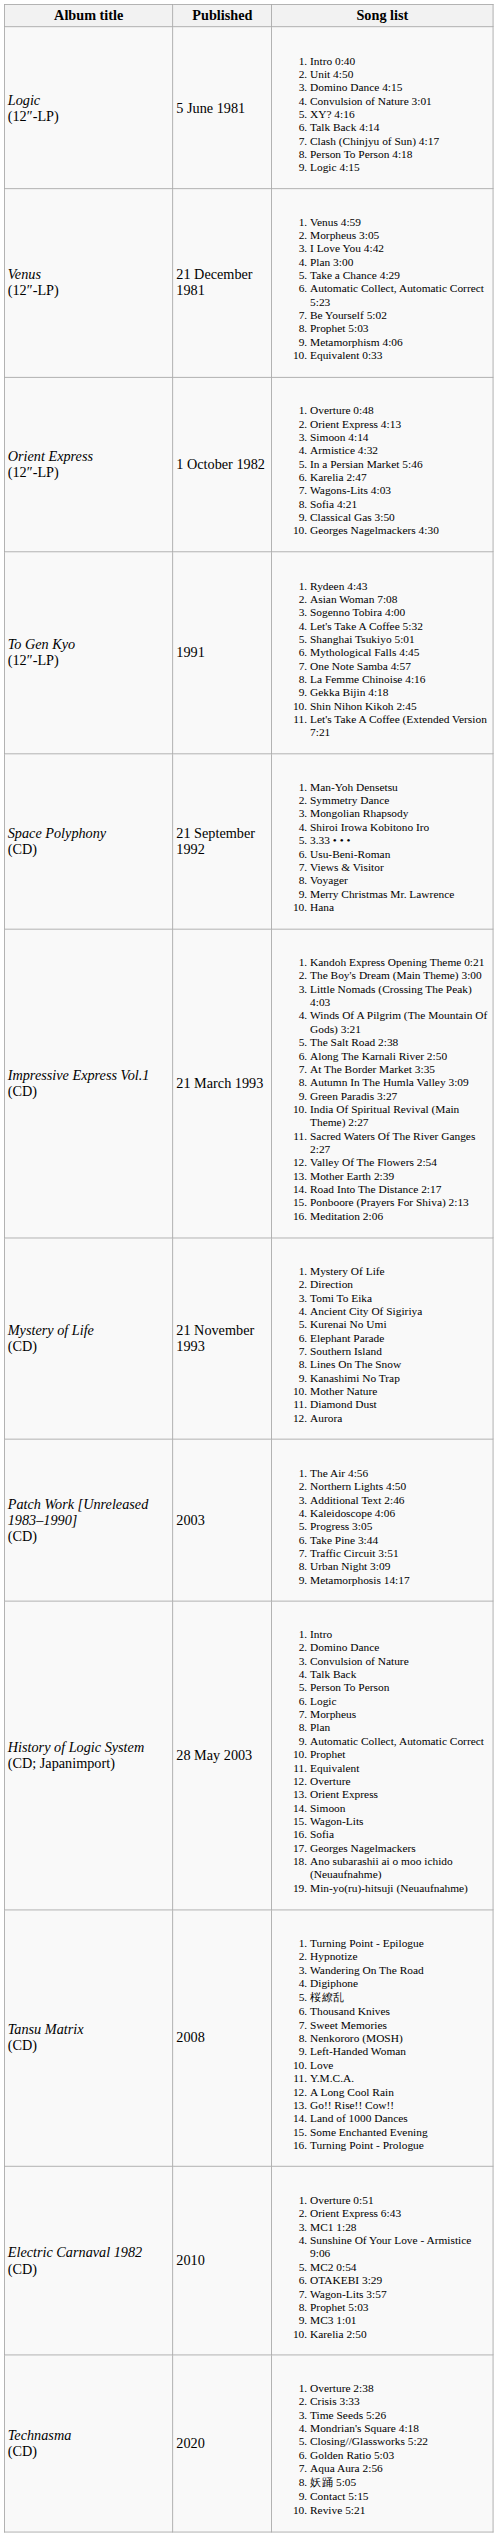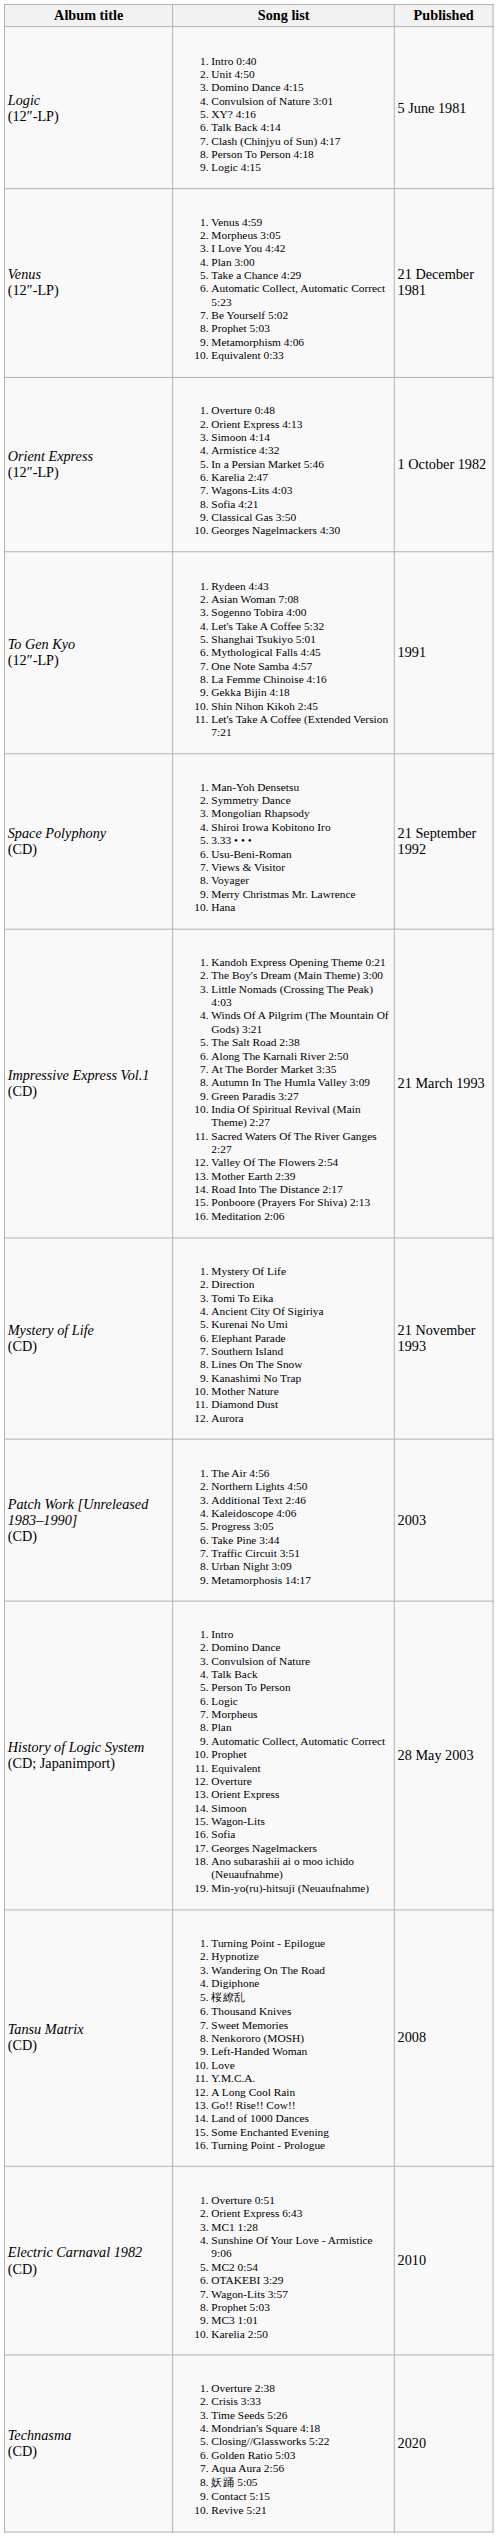 <table class="wikitable" width="550">
 <tr bgcolor="#FFFFFF">
 <th>Album title</th>
+<th>Song list</th>
 <th>Published</th>
-<th>Song list</th>
 </tr>
 <tr>
 <td><em>Logic</em><br>(12″-LP)</td>
+<td style="font-size:80%;"><br><ol><li>Intro 0:40</li><li>Unit 4:50</li><li>Domino Dance 4:15</li><li>Convulsion of Nature 3:01</li><li>XY? 4:16</li><li>Talk Back 4:14</li><li>Clash (Chinjyu of Sun) 4:17</li><li>Person To Person 4:18</li><li>Logic 4:15</li></ol></td>
 <td>5 June 1981</td>
-<td style="font-size:80%;"><br><ol><li>Intro 0:40</li><li>Unit 4:50</li><li>Domino Dance 4:15</li><li>Convulsion of Nature 3:01</li><li>XY? 4:16</li><li>Talk Back 4:14</li><li>Clash (Chinjyu of Sun) 4:17</li><li>Person To Person 4:18</li><li>Logic 4:15</li></ol></td>
 </tr>
 <tr>
 <td><em>Venus</em><br>(12″-LP)</td>
+<td style="font-size:80%;"><br><ol><li>Venus 4:59</li><li>Morpheus 3:05</li><li>I Love You 4:42</li><li>Plan 3:00</li><li>Take a Chance 4:29</li><li>Automatic Collect, Automatic Correct 5:23</li><li>Be Yourself 5:02</li><li>Prophet 5:03</li><li>Metamorphism 4:06</li><li>Equivalent 0:33</li></ol></td>
 <td>21 December 1981</td>
-<td style="font-size:80%;"><br><ol><li>Venus 4:59</li><li>Morpheus 3:05</li><li>I Love You 4:42</li><li>Plan 3:00</li><li>Take a Chance 4:29</li><li>Automatic Collect, Automatic Correct 5:23</li><li>Be Yourself 5:02</li><li>Prophet 5:03</li><li>Metamorphism 4:06</li><li>Equivalent 0:33</li></ol></td>
 </tr>
 <tr>
 <td><em>Orient Express</em><br>(12″-LP)</td>
+<td style="font-size:80%;"><br><ol><li>Overture 0:48</li><li>Orient Express 4:13</li><li>Simoon 4:14</li><li>Armistice 4:32</li><li>In a Persian Market 5:46</li><li>Karelia 2:47</li><li>Wagons-Lits 4:03</li><li>Sofia 4:21</li><li>Classical Gas 3:50</li><li>Georges Nagelmackers 4:30</li></ol></td>
 <td>1 October 1982</td>
-<td style="font-size:80%;"><br><ol><li>Overture 0:48</li><li>Orient Express 4:13</li><li>Simoon 4:14</li><li>Armistice 4:32</li><li>In a Persian Market 5:46</li><li>Karelia 2:47</li><li>Wagons-Lits 4:03</li><li>Sofia 4:21</li><li>Classical Gas 3:50</li><li>Georges Nagelmackers 4:30</li></ol></td>
 </tr>
 <tr>
 <td><em>To Gen Kyo</em><br>(12″-LP)</td>
+<td style="font-size:80%;"><br><ol><li>Rydeen 4:43</li><li>Asian Woman 7:08</li><li>Sogenno Tobira 4:00</li><li>Let's Take A Coffee 5:32</li><li>Shanghai Tsukiyo 5:01</li><li>Mythological Falls 4:45</li><li>One Note Samba 4:57</li><li>La Femme Chinoise 4:16</li><li>Gekka Bijin 4:18</li><li>Shin Nihon Kikoh 2:45</li><li>Let's Take A Coffee (Extended Version 7:21</li></ol></td>
 <td>1991</td>
-<td style="font-size:80%;"><br><ol><li>Rydeen 4:43</li><li>Asian Woman 7:08</li><li>Sogenno Tobira 4:00</li><li>Let's Take A Coffee 5:32</li><li>Shanghai Tsukiyo 5:01</li><li>Mythological Falls 4:45</li><li>One Note Samba 4:57</li><li>La Femme Chinoise 4:16</li><li>Gekka Bijin 4:18</li><li>Shin Nihon Kikoh 2:45</li><li>Let's Take A Coffee (Extended Version 7:21</li></ol></td>
 </tr>
 <tr>
 <td><em>Space Polyphony</em><br>(CD)</td>
+<td style="font-size:80%;"><br><ol><li>Man-Yoh Densetsu</li><li>Symmetry Dance</li><li>Mongolian Rhapsody</li><li>Shiroi Irowa Kobitono Iro</li><li>3.33 • • •</li><li>Usu-Beni-Roman</li><li>Views & Visitor</li><li>Voyager</li><li>Merry Christmas Mr. Lawrence</li><li>Hana</li></ol></td>
 <td>21 September 1992</td>
-<td style="font-size:80%;"><br><ol><li>Man-Yoh Densetsu</li><li>Symmetry Dance</li><li>Mongolian Rhapsody</li><li>Shiroi Irowa Kobitono Iro</li><li>3.33 • • •</li><li>Usu-Beni-Roman</li><li>Views & Visitor</li><li>Voyager</li><li>Merry Christmas Mr. Lawrence</li><li>Hana</li></ol></td>
 </tr>
 <tr>
 <td><em>Impressive Express Vol.1</em><br>(CD)</td>
+<td style="font-size:80%;"><br><ol><li>Kandoh Express Opening Theme 0:21</li><li>The Boy's Dream (Main Theme) 3:00</li><li>Little Nomads (Crossing The Peak)	4:03</li><li>Winds Of A Pilgrim (The Mountain Of Gods)	3:21</li><li>The Salt Road	2:38</li><li>Along The Karnali River 2:50</li><li>At The Border Market 3:35</li><li>Autumn In The Humla Valley 3:09</li><li>Green Paradis	3:27</li><li>India Of Spiritual Revival (Main Theme) 2:27</li><li>Sacred Waters Of The River Ganges	2:27</li><li>Valley Of The Flowers	2:54</li><li>Mother Earth 2:39</li><li>Road Into The Distance 2:17</li><li>Ponboore (Prayers For Shiva) 2:13</li><li>Meditation 2:06</li></ol></td>
 <td>21 March 1993</td>
-<td style="font-size:80%;"><br><ol><li>Kandoh Express Opening Theme 0:21</li><li>The Boy's Dream (Main Theme) 3:00</li><li>Little Nomads (Crossing The Peak)	4:03</li><li>Winds Of A Pilgrim (The Mountain Of Gods)	3:21</li><li>The Salt Road	2:38</li><li>Along The Karnali River 2:50</li><li>At The Border Market 3:35</li><li>Autumn In The Humla Valley 3:09</li><li>Green Paradis	3:27</li><li>India Of Spiritual Revival (Main Theme) 2:27</li><li>Sacred Waters Of The River Ganges	2:27</li><li>Valley Of The Flowers	2:54</li><li>Mother Earth 2:39</li><li>Road Into The Distance 2:17</li><li>Ponboore (Prayers For Shiva) 2:13</li><li>Meditation 2:06</li></ol></td>
 </tr>
 <tr>
 <td><em>Mystery of Life</em><br>(CD)</td>
+<td style="font-size:80%;"><br><ol><li>Mystery Of Life</li><li>Direction</li><li>Tomi To Eika</li><li>Ancient City Of Sigiriya</li><li>Kurenai No Umi</li><li>Elephant Parade</li><li>Southern Island</li><li>Lines On The Snow</li><li>Kanashimi No Trap</li><li>Mother Nature</li><li>Diamond Dust</li><li>Aurora</li></ol></td>
 <td>21 November 1993</td>
-<td style="font-size:80%;"><br><ol><li>Mystery Of Life</li><li>Direction</li><li>Tomi To Eika</li><li>Ancient City Of Sigiriya</li><li>Kurenai No Umi</li><li>Elephant Parade</li><li>Southern Island</li><li>Lines On The Snow</li><li>Kanashimi No Trap</li><li>Mother Nature</li><li>Diamond Dust</li><li>Aurora</li></ol></td>
 </tr>
 <tr>
 <td><em> Patch Work [Unreleased 1983–1990]</em><br>(CD)</td>
+<td style="font-size:80%;"><br><ol><li>The Air 4:56</li><li>Northern Lights 4:50</li><li>Additional Text 2:46</li><li>Kaleidoscope 4:06</li><li>Progress 3:05</li><li>Take Pine 3:44</li><li>Traffic Circuit 3:51</li><li>Urban Night 3:09</li><li>Metamorphosis 14:17</li></ol></td>
 <td>2003</td>
-<td style="font-size:80%;"><br><ol><li>The Air 4:56</li><li>Northern Lights 4:50</li><li>Additional Text 2:46</li><li>Kaleidoscope 4:06</li><li>Progress 3:05</li><li>Take Pine 3:44</li><li>Traffic Circuit 3:51</li><li>Urban Night 3:09</li><li>Metamorphosis 14:17</li></ol></td>
 </tr>
 <tr>
 <td><em>History of Logic System</em><br>(CD; Japanimport)</td>
+<td style="font-size:80%;"><br><ol><li>Intro</li><li>Domino Dance</li><li>Convulsion of Nature</li><li>Talk Back</li><li>Person To Person</li><li>Logic</li><li>Morpheus</li><li>Plan</li><li>Automatic Collect, Automatic Correct</li><li>Prophet</li><li>Equivalent</li><li>Overture</li><li>Orient Express</li><li>Simoon</li><li>Wagon-Lits</li><li>Sofia</li><li>Georges Nagelmackers</li><li>Ano subarashii ai o moo ichido (Neuaufnahme)</li><li>Min-yo(ru)-hitsuji (Neuaufnahme)</li></ol></td>
 <td>28 May 2003</td>
-<td style="font-size:80%;"><br><ol><li>Intro</li><li>Domino Dance</li><li>Convulsion of Nature</li><li>Talk Back</li><li>Person To Person</li><li>Logic</li><li>Morpheus</li><li>Plan</li><li>Automatic Collect, Automatic Correct</li><li>Prophet</li><li>Equivalent</li><li>Overture</li><li>Orient Express</li><li>Simoon</li><li>Wagon-Lits</li><li>Sofia</li><li>Georges Nagelmackers</li><li>Ano subarashii ai o moo ichido (Neuaufnahme)</li><li>Min-yo(ru)-hitsuji (Neuaufnahme)</li></ol></td>
 </tr>
 <tr>
 <td><em>Tansu Matrix</em><br>(CD)</td>
+<td style="font-size:80%;"><br><ol><li>Turning Point - Epilogue</li><li>Hypnotize</li><li>Wandering On The Road</li><li>Digiphone</li><li>桜繚乱</li><li>Thousand Knives</li><li>Sweet Memories</li><li>Nenkororo (MOSH)</li><li>Left-Handed Woman</li><li>Love</li><li>Y.M.C.A.</li><li>A Long Cool Rain</li><li>Go!! Rise!! Cow!!</li><li>Land of 1000 Dances</li><li>Some Enchanted Evening</li><li>Turning Point - Prologue</li></ol></td>
 <td>2008</td>
-<td style="font-size:80%;"><br><ol><li>Turning Point - Epilogue</li><li>Hypnotize</li><li>Wandering On The Road</li><li>Digiphone</li><li>桜繚乱</li><li>Thousand Knives</li><li>Sweet Memories</li><li>Nenkororo (MOSH)</li><li>Left-Handed Woman</li><li>Love</li><li>Y.M.C.A.</li><li>A Long Cool Rain</li><li>Go!! Rise!! Cow!!</li><li>Land of 1000 Dances</li><li>Some Enchanted Evening</li><li>Turning Point - Prologue</li></ol></td>
 </tr>
 <tr>
 <td><em>Electric Carnaval 1982</em><br>(CD)</td>
+<td style="font-size:80%;"><br><ol><li>Overture 0:51</li><li>Orient Express 6:43</li><li>MC1 1:28</li><li>Sunshine Of Your Love - Armistice	9:06</li><li>MC2 0:54</li><li>OTAKEBI 3:29</li><li>Wagon-Lits 3:57</li><li>Prophet 5:03</li><li>MC3 1:01</li><li>Karelia 2:50</li></ol></td>
 <td>2010</td>
-<td style="font-size:80%;"><br><ol><li>Overture 0:51</li><li>Orient Express 6:43</li><li>MC1 1:28</li><li>Sunshine Of Your Love - Armistice	9:06</li><li>MC2 0:54</li><li>OTAKEBI 3:29</li><li>Wagon-Lits 3:57</li><li>Prophet 5:03</li><li>MC3 1:01</li><li>Karelia 2:50</li></ol></td>
 </tr>
 <tr>
 <td><em>Technasma</em><br>(CD)</td>
+<td style="font-size:80%;"><br><ol><li>Overture 2:38</li><li>Crisis 3:33</li><li>Time Seeds 5:26</li><li>Mondrian's Square 4:18</li><li>Closing//Glassworks 5:22</li><li>Golden Ratio 5:03</li><li>Aqua Aura 2:56</li><li>妖踊 5:05</li><li>Contact 5:15</li><li>Revive 5:21</li></ol></td>
 <td>2020</td>
-<td style="font-size:80%;"><br><ol><li>Overture 2:38</li><li>Crisis 3:33</li><li>Time Seeds 5:26</li><li>Mondrian's Square 4:18</li><li>Closing//Glassworks 5:22</li><li>Golden Ratio 5:03</li><li>Aqua Aura 2:56</li><li>妖踊 5:05</li><li>Contact 5:15</li><li>Revive 5:21</li></ol></td>
 </tr>
 </table>
